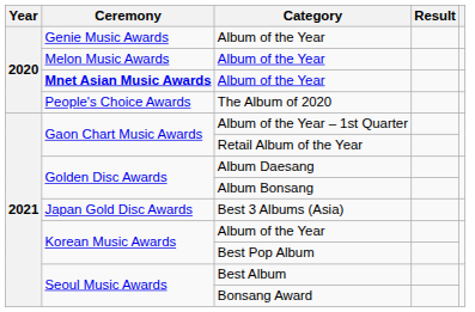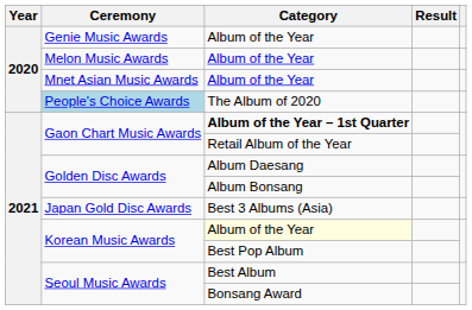 <table class="wikitable plainrowheaders">
 <tr>
 <th scope="col">Year</th>
 <th scope="col">Ceremony</th>
 <th scope="col">Category</th>
 <th scope="col">Result</th>
 <th scope="col" class="unsortable"></th>
 </tr>
 <tr>
 <th scope="row" rowspan="4">2020</th>
 <td><a href='#'>Genie Music Awards</a></td>
 <td>Album of the Year</td>
 <td></td>
 <td style="text-align:center;"></td>
 </tr>
 <tr>
 <td><a href='#'>Melon Music Awards</a></td>
 <td><a href='#'>Album of the Year</a></td>
 <td></td>
 <td style="text-align:center;"></td>
 </tr>
 <tr>
-<td><strong><a href='#'>Mnet Asian Music Awards</a></strong></td>
+<td><a href='#'>Mnet Asian Music Awards</a></td>
 <td><a href='#'>Album of the Year</a></td>
 <td></td>
 <td style="text-align:center;"></td>
 </tr>
 <tr>
-<td><a href='#'>People's Choice Awards</a></td>
+<td style="background: lightblue;"><a href='#'>People's Choice Awards</a></td>
 <td>The Album of 2020</td>
 <td></td>
 <td style="text-align:center;"></td>
 </tr>
 <tr>
 <th scope="row" rowspan="9">2021</th>
 <td rowspan="2"><a href='#'>Gaon Chart Music Awards</a></td>
-<td>Album of the Year – 1st Quarter</td>
+<td><strong>Album of the Year – 1st Quarter</strong></td>
 <td></td>
 <td style="text-align:center;" rowspan="2"></td>
 </tr>
 <tr>
 <td>Retail Album of the Year</td>
 <td></td>
 </tr>
 <tr>
 <td rowspan="2"><a href='#'>Golden Disc Awards</a></td>
 <td>Album Daesang</td>
 <td></td>
 <td style="text-align:center;" rowspan="2"></td>
 </tr>
 <tr>
 <td>Album Bonsang</td>
 <td></td>
 </tr>
 <tr>
 <td><a href='#'>Japan Gold Disc Awards</a></td>
 <td>Best 3 Albums (Asia)</td>
 <td></td>
 <td style="text-align:center;"></td>
 </tr>
 <tr>
 <td rowspan="2"><a href='#'>Korean Music Awards</a></td>
-<td>Album of the Year</td>
+<td style="background: lightyellow;">Album of the Year</td>
 <td></td>
 <td style="text-align:center;" rowspan="2"></td>
 </tr>
 <tr>
 <td>Best Pop Album</td>
 <td></td>
 </tr>
 <tr>
 <td rowspan="2"><a href='#'>Seoul Music Awards</a></td>
 <td>Best Album</td>
 <td></td>
 <td style="text-align:center;" rowspan="2"></td>
 </tr>
 <tr>
 <td>Bonsang Award</td>
 <td></td>
 </tr>
 </table>
